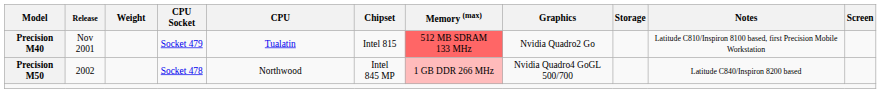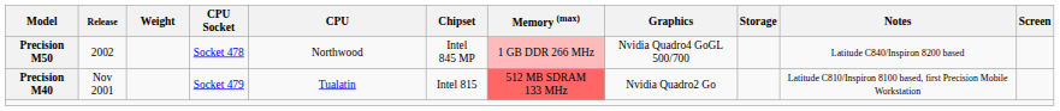 <table class="wikitable" style="font-size: 85%; text-align: center; width: 100%;">
 <tr>
 <th style="width:7%">Model</th>
 <th><small>Release</small></th>
 <th style="width:6%">Weight</th>
 <th>CPU Socket</th>
 <th style="width:17%">CPU</th>
 <th>Chipset</th>
 <th>Memory <sup>(max)</sup></th>
 <th>Graphics</th>
 <th>Storage</th>
 <th>Notes</th>
 <th>Screen</th>
 </tr>
 <tr>
+<th>Precision M50</th>
+<td>2002</td>
+<td></td>
+<td><a href='#'>Socket 478</a></td>
+<td style="background:">Northwood</td>
+<td>Intel 845 MP</td>
+<td style="background:#ffbbbb;">1 GB DDR 266 MHz</td>
+<td style="background:">Nvidia Quadro4 GoGL 500/700</td>
+<td></td>
+<td><small>Latitude C840/Inspiron 8200 based</small></td>
+<td></td>
+</tr>
+<tr>
 <th>Precision M40</th>
 <td>Nov 2001</td>
 <td></td>
 <td><a href='#'>Socket 479</a></td>
 <td style="background:"><a href='#'>Tualatin</a></td>
 <td>Intel 815</td>
 <td style="background:#ff6666;">512 MB SDRAM 133 MHz</td>
 <td style="background:">Nvidia Quadro2 Go</td>
 <td></td>
 <td><small>Latitude C810/Inspiron 8100 based, first Precision Mobile Workstation</small></td>
 <td></td>
 </tr>
 <tr>
-<th>Precision M50</th>
-<td>2002</td>
-<td></td>
-<td><a href='#'>Socket 478</a></td>
-<td style="background:">Northwood</td>
-<td>Intel 845 MP</td>
-<td style="background:#ffbbbb;">1 GB DDR 266 MHz</td>
-<td style="background:">Nvidia Quadro4 GoGL 500/700</td>
-<td></td>
-<td><small>Latitude C840/Inspiron 8200 based</small></td>
-<td></td>
-</tr>
-<tr>
 <td colspan="11"></td>
 </tr>
 </table>
